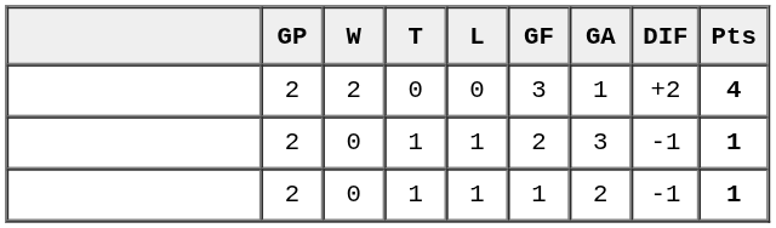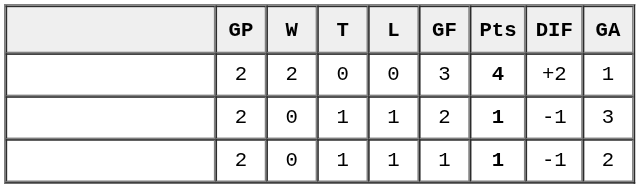 <table border=1 cellpadding=5 cellspacing=0>
 <tr>
 <th bgcolor="#efefef" width="120">　</th>
 <th bgcolor="#efefef" width="20">GP</th>
 <th bgcolor="#efefef" width="20">W</th>
 <th bgcolor="#efefef" width="20">T</th>
 <th bgcolor="#efefef" width="20">L</th>
 <th bgcolor="#efefef" width="20">GF</th>
+<th bgcolor="#efefef" width="20">Pts</th>
+<th bgcolor="#efefef" width="20">DIF</th>
 <th bgcolor="#efefef" width="20">GA</th>
-<th bgcolor="#efefef" width="20">DIF</th>
-<th bgcolor="#efefef" width="20">Pts</th>
 </tr>
 <tr align=center>
 <td align=left><strong></strong></td>
 <td>2</td>
 <td>2</td>
 <td>0</td>
 <td>0</td>
 <td>3</td>
+<td><strong>4</strong></td>
+<td>+2</td>
 <td>1</td>
-<td>+2</td>
-<td><strong>4</strong></td>
 </tr>
 <tr align=center>
 <td align=left><strong><em></em></strong></td>
 <td>2</td>
 <td>0</td>
 <td>1</td>
 <td>1</td>
 <td>2</td>
+<td><strong>1</strong></td>
+<td>-1</td>
 <td>3</td>
-<td>-1</td>
-<td><strong>1</strong></td>
 </tr>
 <tr align=center>
 <td align=left></td>
 <td>2</td>
 <td>0</td>
 <td>1</td>
 <td>1</td>
 <td>1</td>
+<td><strong>1</strong></td>
+<td>-1</td>
 <td>2</td>
-<td>-1</td>
-<td><strong>1</strong></td>
 </tr>
 </table>
